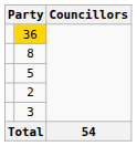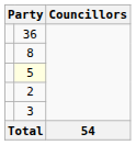 <table class="wikitable">
 <tr>
 <th colspan=2>Party</th>
 <th>Councillors</th>
 </tr>
 <tr>
 <td></td>
-<td align=center style="background: gold;">36</td>
+<td align=center>36</td>
 </tr>
 <tr>
 <td></td>
 <td align=center>8</td>
 </tr>
 <tr>
 <td></td>
-<td align=center>5</td>
+<td align=center style="background: lightyellow;">5</td>
 </tr>
 <tr>
 <td></td>
 <td align=center>2</td>
 </tr>
 <tr>
 <td></td>
 <td align=center>3</td>
 </tr>
 <tr>
 <th colspan=2>Total</th>
 <th>54</th>
 </tr>
 </table>
